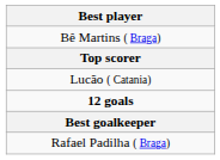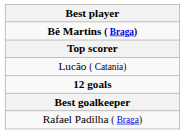 <table class="wikitable" style="margin:auto">
 <tr>
 <th width=60%>Best player</th>
 </tr>
 <tr>
-<td align="center"> Bê Martins <small>( <a href='#'>Braga</a>)</small></td>
+<td align="center"><strong> Bê Martins <small>( <a href='#'>Braga</a>)</small></strong></td>
 </tr>
 <tr>
 <th>Top scorer</th>
 </tr>
 <tr>
 <td align="center"> Lucão <small>( Catania)</small></td>
 </tr>
 <tr>
 <td align="center"><strong>12 goals</strong></td>
 </tr>
 <tr>
 <th>Best goalkeeper</th>
 </tr>
 <tr>
 <td align="center"> Rafael Padilha <small>( <a href='#'>Braga</a>)</small></td>
 </tr>
 </table>
